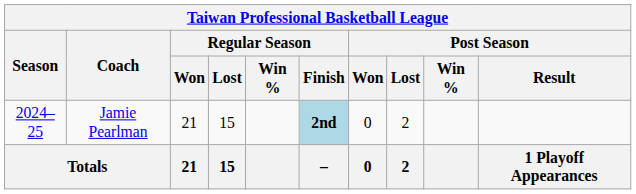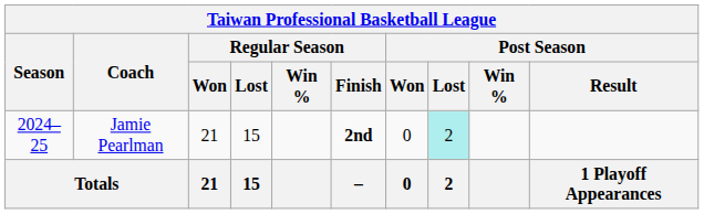 <table class="wikitable" style="font-size: 95%; text-align:center;">
 <tr>
 <th colspan="10"><a href='#'>Taiwan Professional Basketball League</a></th>
 </tr>
 <tr>
 <th rowspan="2">Season</th>
 <th rowspan="2">Coach</th>
 <th colspan="4">Regular Season</th>
 <th colspan="4">Post Season</th>
 </tr>
 <tr>
 <th>Won</th>
 <th>Lost</th>
 <th>Win %</th>
 <th>Finish</th>
 <th>Won</th>
 <th>Lost</th>
 <th>Win %</th>
 <th>Result</th>
 </tr>
 <tr>
 <td><a href='#'>2024–25</a></td>
 <td><a href='#'>Jamie Pearlman</a></td>
 <td>21</td>
 <td>15</td>
 <td></td>
-<td style="background: lightblue;"><strong>2nd</strong></td>
+<td><strong>2nd</strong></td>
 <td>0</td>
-<td>2</td>
+<td style="background: paleturquoise;">2</td>
 <td></td>
 <td></td>
 </tr>
 <tr>
 <th colspan="2">Totals</th>
 <th>21</th>
 <th>15</th>
 <th></th>
 <th>–</th>
 <th>0</th>
 <th>2</th>
 <th></th>
 <th>1 Playoff Appearances</th>
 </tr>
 </table>
